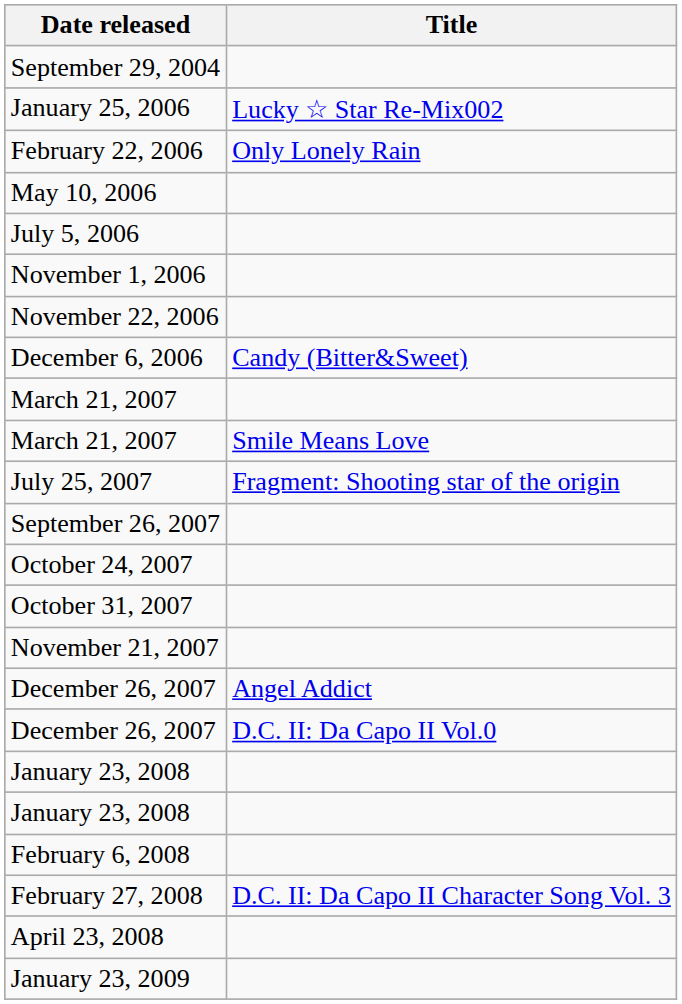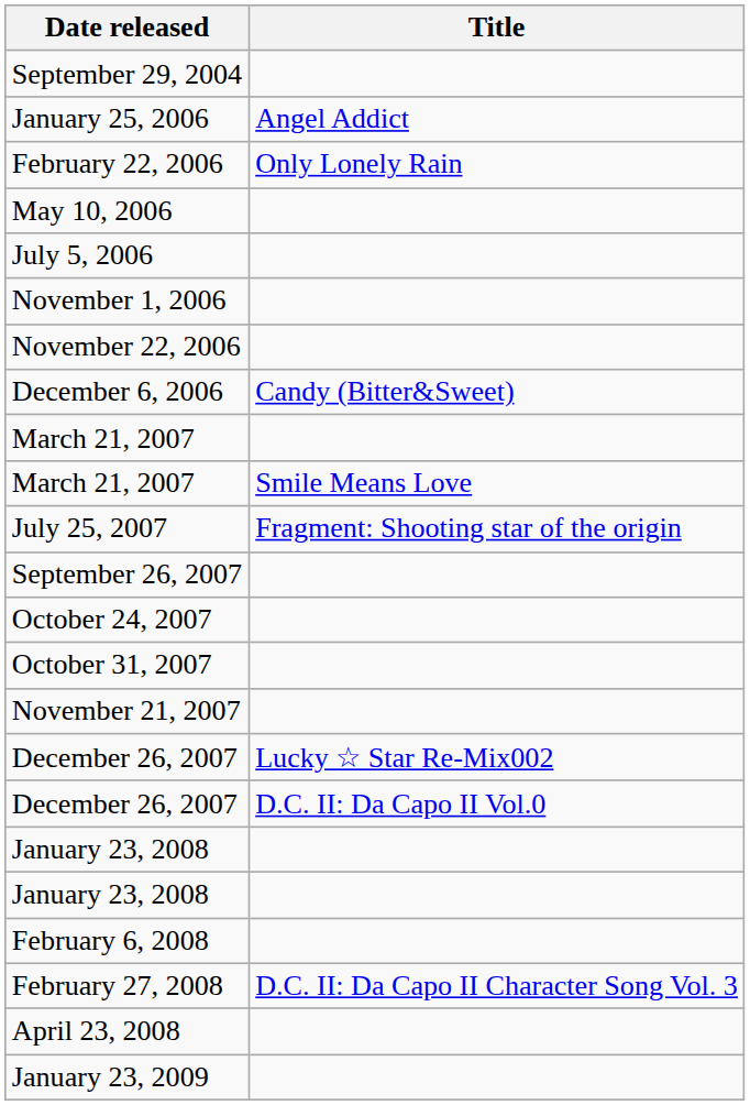 <table class="wikitable">
 <tr>
 <th>Date released</th>
 <th>Title</th>
 </tr>
 <tr>
 <td>September 29, 2004</td>
 <td></td>
 </tr>
 <tr>
 <td>January 25, 2006</td>
-<td><a href='#'>Lucky ☆ Star Re-Mix002</a></td>
+<td><a href='#'>Angel Addict</a></td>
 </tr>
 <tr>
 <td>February 22, 2006</td>
 <td><a href='#'>Only Lonely Rain</a></td>
 </tr>
 <tr>
 <td>May 10, 2006</td>
 <td></td>
 </tr>
 <tr>
 <td>July 5, 2006</td>
 <td></td>
 </tr>
 <tr>
 <td>November 1, 2006</td>
 <td></td>
 </tr>
 <tr>
 <td>November 22, 2006</td>
 <td></td>
 </tr>
 <tr>
 <td>December 6, 2006</td>
 <td><a href='#'>Candy (Bitter&Sweet)</a></td>
 </tr>
 <tr>
 <td>March 21, 2007</td>
 <td></td>
 </tr>
 <tr>
 <td>March 21, 2007</td>
 <td><a href='#'>Smile Means Love</a></td>
 </tr>
 <tr>
 <td>July 25, 2007</td>
 <td><a href='#'>Fragment: Shooting star of the origin</a></td>
 </tr>
 <tr>
 <td>September 26, 2007</td>
 <td></td>
 </tr>
 <tr>
 <td>October 24, 2007</td>
 <td></td>
 </tr>
 <tr>
 <td>October 31, 2007</td>
 <td></td>
 </tr>
 <tr>
 <td>November 21, 2007</td>
 <td></td>
 </tr>
 <tr>
 <td>December 26, 2007</td>
-<td><a href='#'>Angel Addict</a></td>
+<td><a href='#'>Lucky ☆ Star Re-Mix002</a></td>
 </tr>
 <tr>
 <td>December 26, 2007</td>
 <td><a href='#'>D.C. II: Da Capo II Vol.0</a></td>
 </tr>
 <tr>
 <td>January 23, 2008</td>
 <td></td>
 </tr>
 <tr>
 <td>January 23, 2008</td>
 <td></td>
 </tr>
 <tr>
 <td>February 6, 2008</td>
 <td></td>
 </tr>
 <tr>
 <td>February 27, 2008</td>
 <td><a href='#'>D.C. II: Da Capo II Character Song Vol. 3</a></td>
 </tr>
 <tr>
 <td>April 23, 2008</td>
 <td></td>
 </tr>
 <tr>
 <td>January 23, 2009</td>
 <td></td>
 </tr>
 </table>
